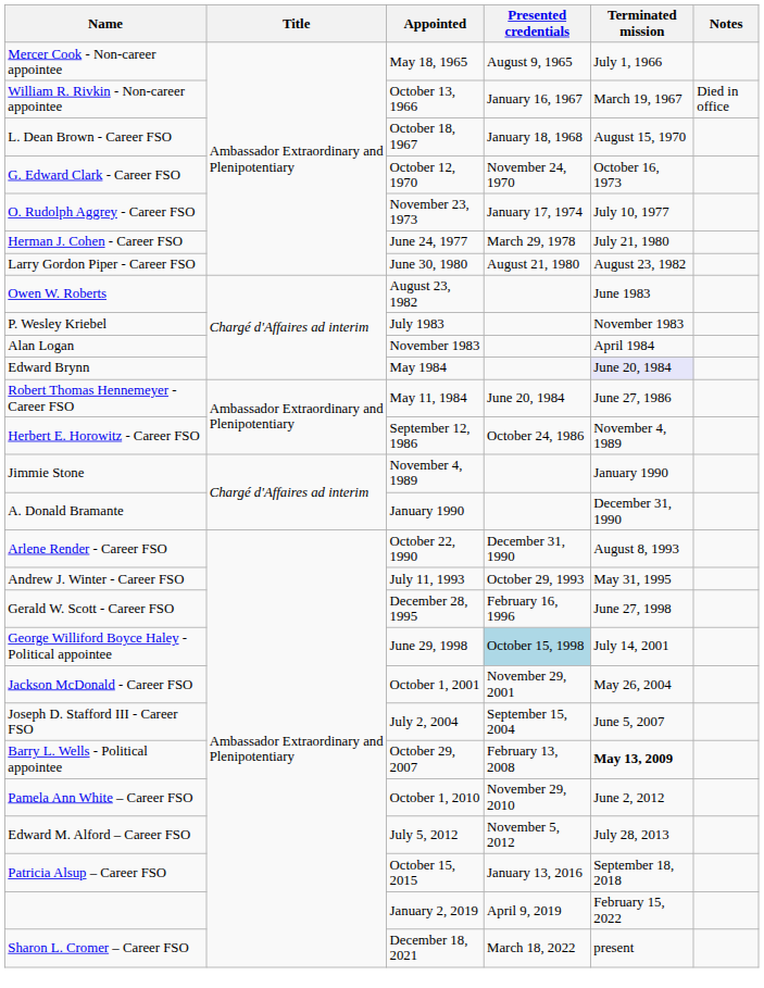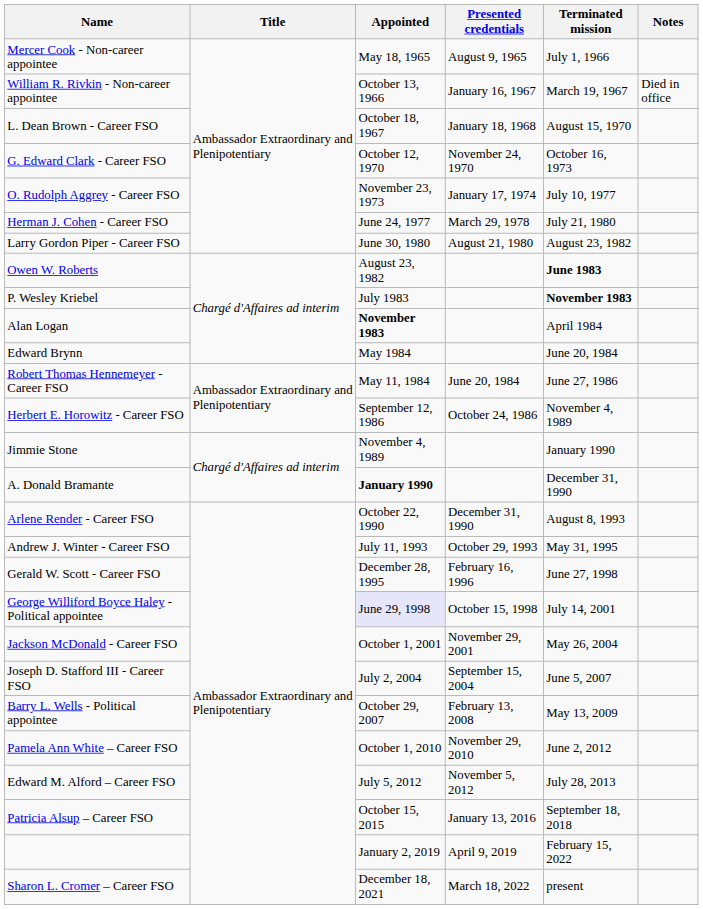 <table class="wikitable">
 <tr>
 <th>Name</th>
 <th style="width: 200px;">Title</th>
 <th>Appointed</th>
 <th><a href='#'>Presented credentials</a></th>
 <th>Terminated mission</th>
 <th>Notes</th>
 </tr>
 <tr>
 <td><a href='#'>Mercer Cook</a> - Non-career appointee</td>
 <td rowspan="7">Ambassador Extraordinary and Plenipotentiary</td>
 <td>May 18, 1965</td>
 <td>August 9, 1965</td>
 <td>July 1, 1966</td>
 <td></td>
 </tr>
 <tr>
 <td><a href='#'>William R. Rivkin</a> - Non-career appointee</td>
 <td>October 13, 1966</td>
 <td>January 16, 1967</td>
 <td>March 19, 1967</td>
 <td>Died in office</td>
 </tr>
 <tr>
 <td>L. Dean Brown - Career FSO</td>
 <td>October 18, 1967</td>
 <td>January 18, 1968</td>
 <td>August 15, 1970</td>
 <td></td>
 </tr>
 <tr>
 <td><a href='#'>G. Edward Clark</a> - Career FSO</td>
 <td>October 12, 1970</td>
 <td>November 24, 1970</td>
 <td>October 16, 1973</td>
 <td></td>
 </tr>
 <tr>
 <td><a href='#'>O. Rudolph Aggrey</a> - Career FSO</td>
 <td>November 23, 1973</td>
 <td>January 17, 1974</td>
 <td>July 10, 1977</td>
 <td></td>
 </tr>
 <tr>
 <td><a href='#'>Herman J. Cohen</a> - Career FSO</td>
 <td>June 24, 1977</td>
 <td>March 29, 1978</td>
 <td>July 21, 1980</td>
 <td></td>
 </tr>
 <tr>
 <td>Larry Gordon Piper - Career FSO</td>
 <td>June 30, 1980</td>
 <td>August 21, 1980</td>
 <td>August 23, 1982</td>
 <td></td>
 </tr>
 <tr>
 <td><a href='#'>Owen W. Roberts</a></td>
 <td rowspan="4"><em>Chargé d'Affaires ad interim</em></td>
 <td>August 23, 1982</td>
 <td></td>
-<td>June 1983</td>
+<td><strong>June 1983</strong></td>
 <td></td>
 </tr>
 <tr>
 <td>P. Wesley Kriebel</td>
 <td>July 1983</td>
 <td></td>
-<td>November 1983</td>
+<td><strong>November 1983</strong></td>
 <td></td>
 </tr>
 <tr>
 <td>Alan Logan</td>
-<td>November 1983</td>
+<td><strong>November 1983</strong></td>
 <td></td>
 <td>April 1984</td>
 <td></td>
 </tr>
 <tr>
 <td>Edward Brynn</td>
 <td>May 1984</td>
 <td></td>
-<td style="background: lavender;">June 20, 1984</td>
+<td>June 20, 1984</td>
 <td></td>
 </tr>
 <tr>
 <td><a href='#'>Robert Thomas Hennemeyer</a> - Career FSO</td>
 <td rowspan="2">Ambassador Extraordinary and Plenipotentiary</td>
 <td>May 11, 1984</td>
 <td>June 20, 1984</td>
 <td>June 27, 1986</td>
 <td></td>
 </tr>
 <tr>
 <td><a href='#'>Herbert E. Horowitz</a> - Career FSO</td>
 <td>September 12, 1986</td>
 <td>October 24, 1986</td>
 <td>November 4, 1989</td>
 <td></td>
 </tr>
 <tr>
 <td>Jimmie Stone</td>
 <td rowspan="2"><em>Chargé d'Affaires ad interim</em></td>
 <td>November 4, 1989</td>
 <td></td>
 <td>January 1990</td>
 <td></td>
 </tr>
 <tr>
 <td>A. Donald Bramante</td>
-<td>January 1990</td>
+<td><strong>January 1990</strong></td>
 <td></td>
 <td>December 31, 1990</td>
 <td></td>
 </tr>
 <tr>
 <td><a href='#'>Arlene Render</a> - Career FSO</td>
 <td rowspan="12">Ambassador Extraordinary and Plenipotentiary</td>
 <td>October 22, 1990</td>
 <td>December 31, 1990</td>
 <td>August 8, 1993</td>
 <td></td>
 </tr>
 <tr>
 <td>Andrew J. Winter - Career FSO</td>
 <td>July 11, 1993</td>
 <td>October 29, 1993</td>
 <td>May 31, 1995</td>
 <td></td>
 </tr>
 <tr>
 <td>Gerald W. Scott - Career FSO</td>
 <td>December 28, 1995</td>
 <td>February 16, 1996</td>
 <td>June 27, 1998</td>
 <td></td>
 </tr>
 <tr>
 <td><a href='#'>George Williford Boyce Haley</a> - Political appointee</td>
-<td>June 29, 1998</td>
-<td style="background: lightblue;">October 15, 1998</td>
+<td style="background: lavender;">June 29, 1998</td>
+<td>October 15, 1998</td>
 <td>July 14, 2001</td>
 <td></td>
 </tr>
 <tr>
 <td><a href='#'>Jackson McDonald</a> - Career FSO</td>
 <td>October 1, 2001</td>
 <td>November 29, 2001</td>
 <td>May 26, 2004</td>
 <td></td>
 </tr>
 <tr>
 <td>Joseph D. Stafford III - Career FSO</td>
 <td>July 2, 2004</td>
 <td>September 15, 2004</td>
 <td>June 5, 2007</td>
 <td></td>
 </tr>
 <tr>
 <td><a href='#'>Barry L. Wells</a> - Political appointee</td>
 <td>October 29, 2007</td>
 <td>February 13, 2008</td>
-<td><strong>May 13, 2009</strong></td>
+<td>May 13, 2009</td>
 <td></td>
 </tr>
 <tr>
 <td><a href='#'>Pamela Ann White</a> – Career FSO</td>
 <td>October 1, 2010</td>
 <td>November 29, 2010</td>
 <td>June 2, 2012</td>
 <td></td>
 </tr>
 <tr>
 <td>Edward M. Alford – Career FSO</td>
 <td>July 5, 2012</td>
 <td>November 5, 2012</td>
 <td>July 28, 2013</td>
 <td></td>
 </tr>
 <tr>
 <td><a href='#'>Patricia Alsup</a> – Career FSO</td>
 <td>October 15, 2015</td>
 <td>January 13, 2016</td>
 <td>September 18, 2018</td>
 <td></td>
 </tr>
 <tr>
 <td></td>
 <td>January 2, 2019</td>
 <td>April 9, 2019</td>
 <td>February 15, 2022</td>
 <td></td>
 </tr>
 <tr>
 <td><a href='#'>Sharon L. Cromer</a> – Career FSO</td>
 <td>December 18, 2021</td>
 <td>March 18, 2022</td>
 <td>present</td>
 <td></td>
 </tr>
 </table>
